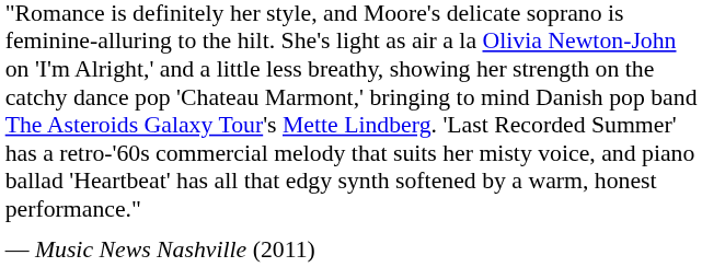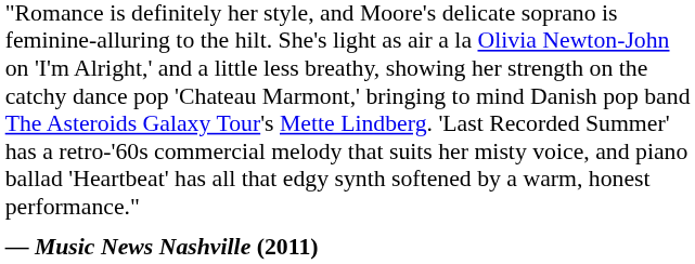 <table class="toccolours" style="float: right; margin-left: 1em; margin-right: 2em; font-size: 85%; background:offwhite; color:black; width:30em; max-width: 40%;" cellspacing="5">
 <tr>
 <td style="text-align: left;">"Romance is definitely her style, and Moore's delicate soprano is feminine-alluring to the hilt. She's light as air a la <a href='#'>Olivia Newton-John</a> on 'I'm Alright,' and a little less breathy, showing her strength on the catchy dance pop 'Chateau Marmont,' bringing to mind Danish pop band <a href='#'>The Asteroids Galaxy Tour</a>'s <a href='#'>Mette Lindberg</a>. 'Last Recorded Summer' has a retro-'60s commercial melody that suits her misty voice, and piano ballad 'Heartbeat' has all that edgy synth softened by a warm, honest performance."</td>
 </tr>
 <tr>
-<td style="text-align: left;">— <em> Music News Nashville</em> (2011)</td>
+<td style="text-align: left;"><strong>— <em> Music News Nashville</em> (2011)</strong></td>
 </tr>
 </table>
